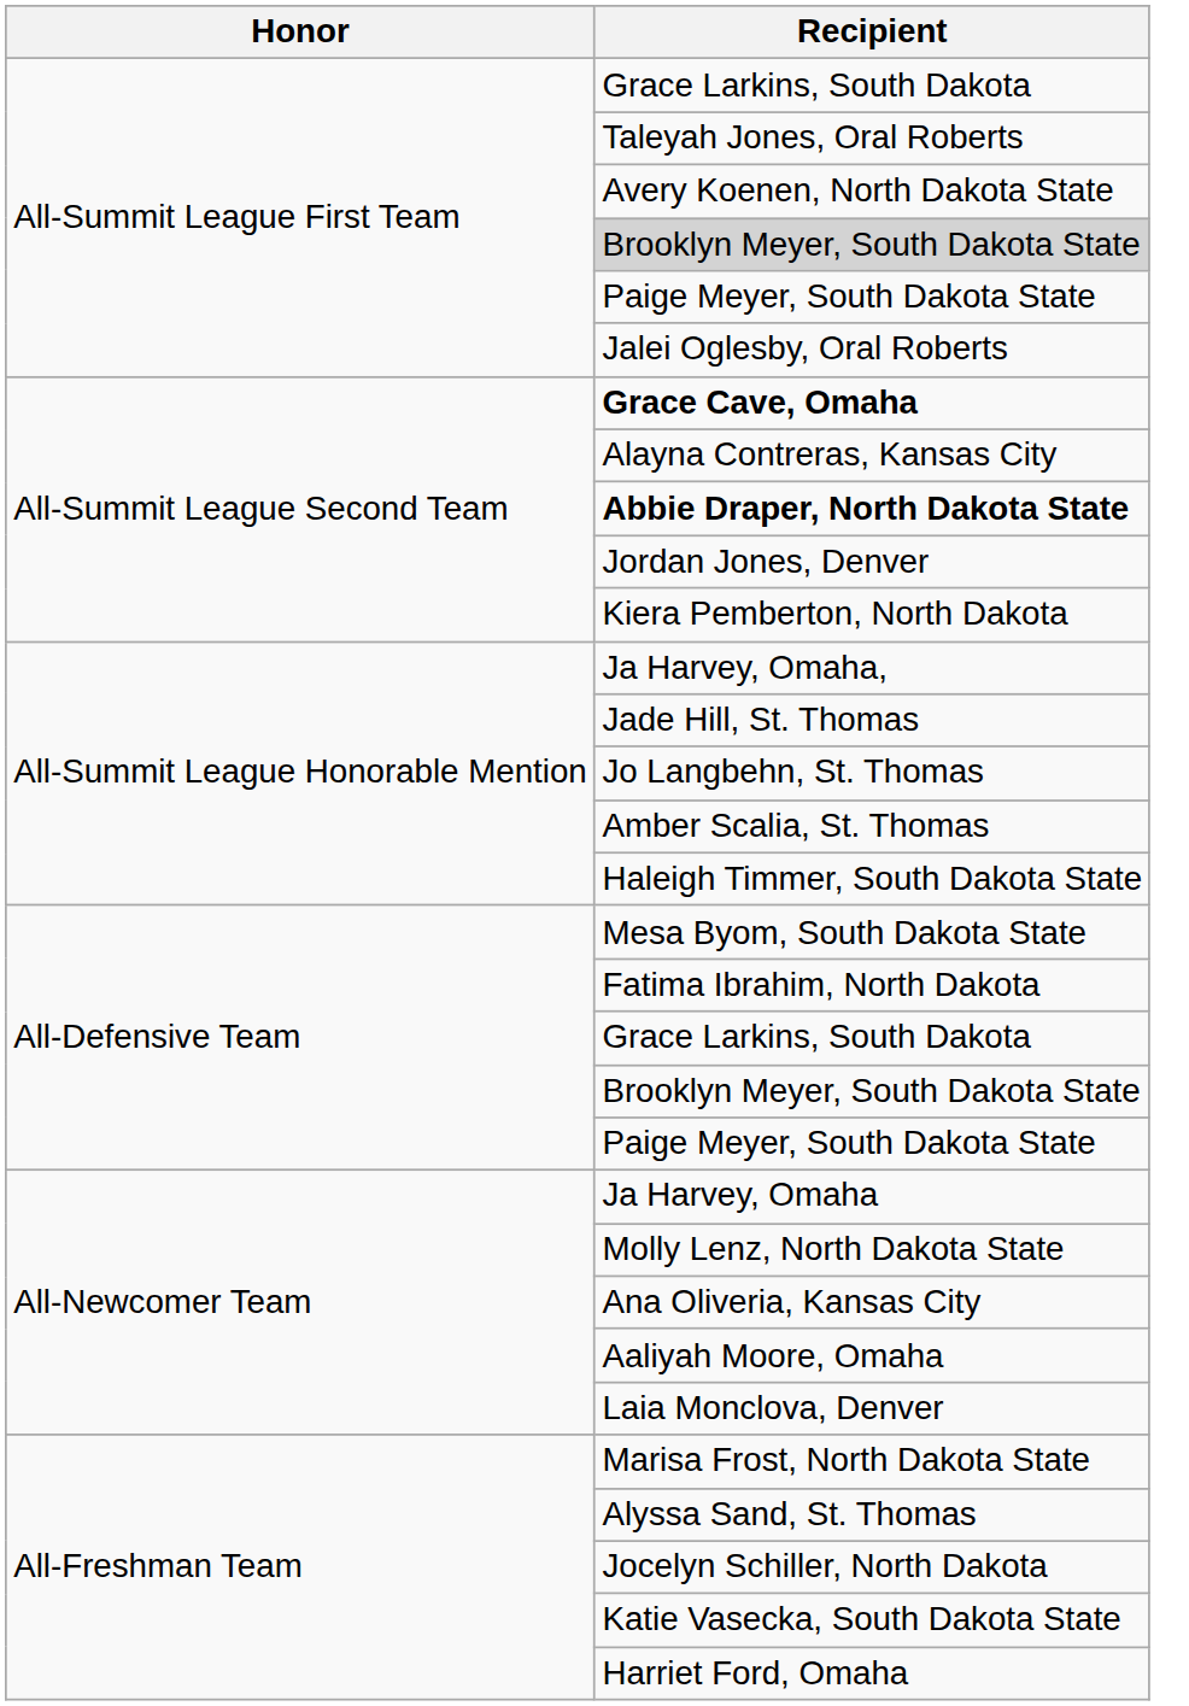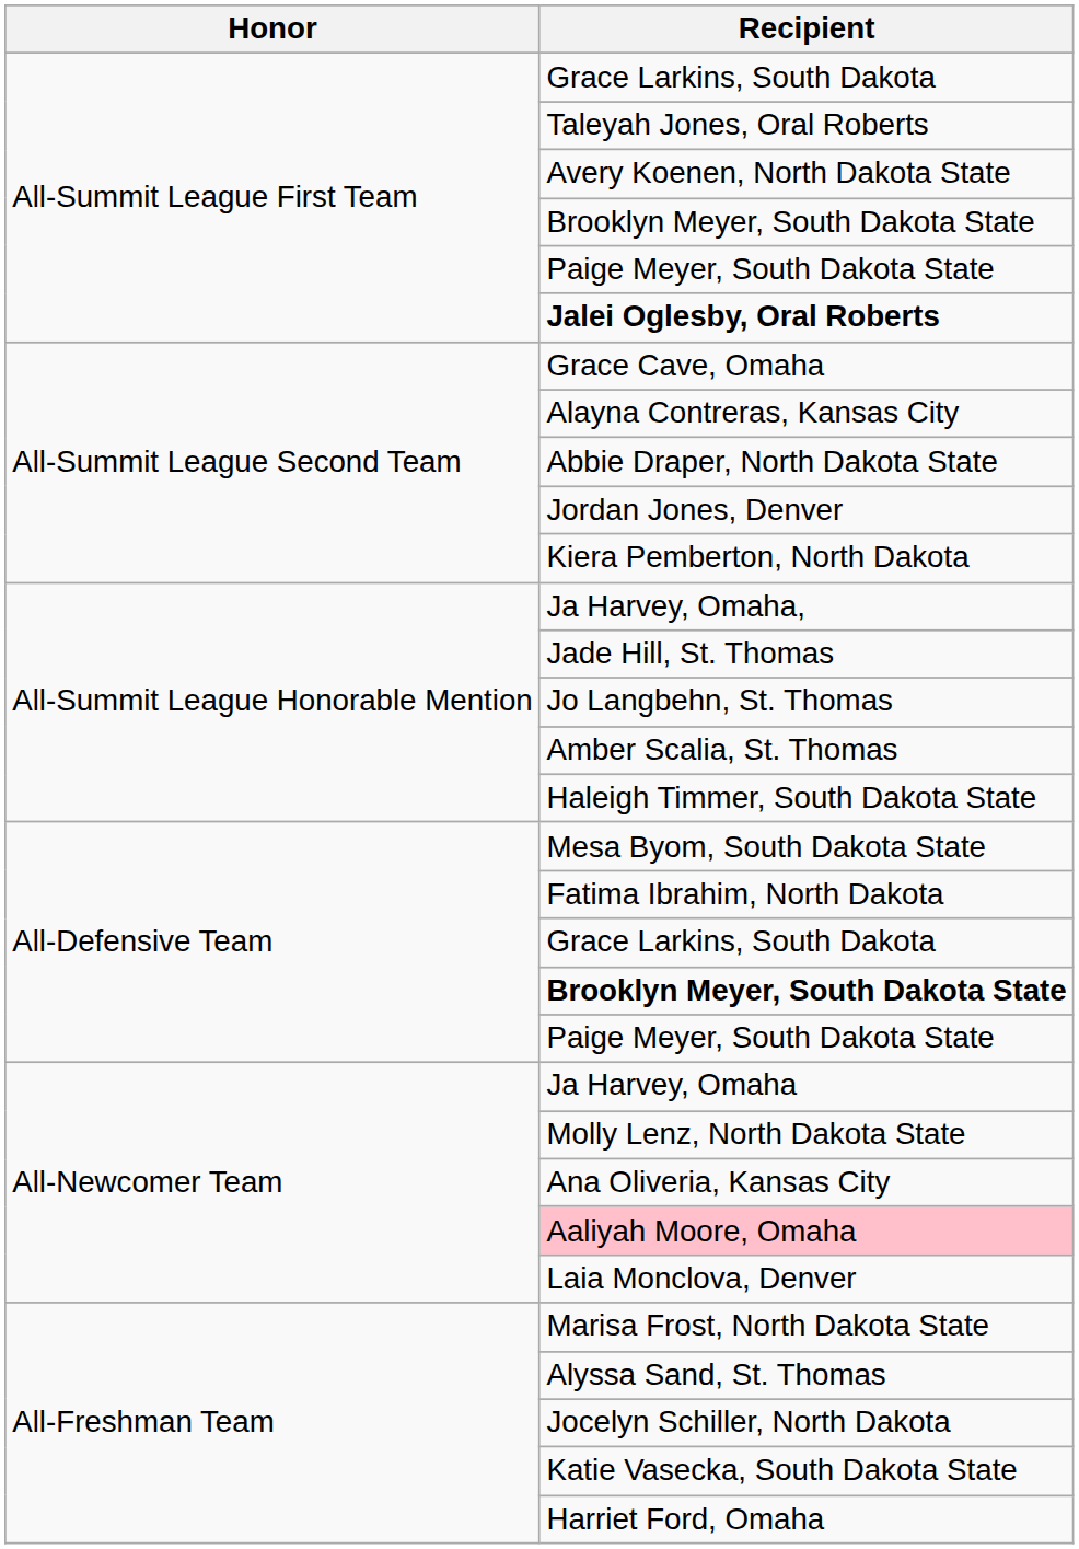 <table class="wikitable" border="1">
 <tr>
 <th>Honor</th>
 <th>Recipient</th>
 </tr>
 <tr>
 <td rowspan="6" valign="middle">All-Summit League First Team</td>
 <td>Grace Larkins, South Dakota</td>
 </tr>
 <tr>
 <td>Taleyah Jones, Oral Roberts</td>
 </tr>
 <tr>
 <td>Avery Koenen, North Dakota State</td>
 </tr>
 <tr>
-<td style="background: lightgrey;">Brooklyn Meyer, South Dakota State</td>
+<td>Brooklyn Meyer, South Dakota State</td>
 </tr>
 <tr>
 <td>Paige Meyer, South Dakota State</td>
 </tr>
 <tr>
-<td>Jalei Oglesby, Oral Roberts</td>
+<td><strong>Jalei Oglesby, Oral Roberts</strong></td>
 </tr>
 <tr>
 <td rowspan="5" valign="middle">All-Summit League Second Team</td>
-<td><strong>Grace Cave, Omaha</strong></td>
+<td>Grace Cave, Omaha</td>
 </tr>
 <tr>
 <td>Alayna Contreras, Kansas City</td>
 </tr>
 <tr>
-<td><strong>Abbie Draper, North Dakota State</strong></td>
+<td>Abbie Draper, North Dakota State</td>
 </tr>
 <tr>
 <td>Jordan Jones, Denver</td>
 </tr>
 <tr>
 <td>Kiera Pemberton, North Dakota</td>
 </tr>
 <tr>
 <td rowspan="5" valign="middle">All-Summit League Honorable Mention</td>
 <td>Ja Harvey, Omaha,</td>
 </tr>
 <tr>
 <td>Jade Hill, St. Thomas</td>
 </tr>
 <tr>
 <td>Jo Langbehn, St. Thomas</td>
 </tr>
 <tr>
 <td>Amber Scalia, St. Thomas</td>
 </tr>
 <tr>
 <td>Haleigh Timmer, South Dakota State</td>
 </tr>
 <tr>
 <td rowspan="5" valign="middle">All-Defensive Team</td>
 <td>Mesa Byom, South Dakota State</td>
 </tr>
 <tr>
 <td>Fatima Ibrahim, North Dakota</td>
 </tr>
 <tr>
 <td>Grace Larkins, South Dakota</td>
 </tr>
 <tr>
-<td>Brooklyn Meyer, South Dakota State</td>
+<td><strong>Brooklyn Meyer, South Dakota State</strong></td>
 </tr>
 <tr>
 <td>Paige Meyer, South Dakota State</td>
 </tr>
 <tr>
 <td rowspan="5" valign="middle">All-Newcomer Team</td>
 <td>Ja Harvey, Omaha</td>
 </tr>
 <tr>
 <td>Molly Lenz, North Dakota State</td>
 </tr>
 <tr>
 <td>Ana Oliveria, Kansas City</td>
 </tr>
 <tr>
-<td>Aaliyah Moore, Omaha</td>
+<td style="background: pink;">Aaliyah Moore, Omaha</td>
 </tr>
 <tr>
 <td>Laia Monclova, Denver</td>
 </tr>
 <tr>
 <td rowspan="5" valign="middle">All-Freshman Team</td>
 <td>Marisa Frost, North Dakota State</td>
 </tr>
 <tr>
 <td>Alyssa Sand, St. Thomas</td>
 </tr>
 <tr>
 <td>Jocelyn Schiller, North Dakota</td>
 </tr>
 <tr>
 <td>Katie Vasecka, South Dakota State</td>
 </tr>
 <tr>
 <td>Harriet Ford, Omaha</td>
 </tr>
 </table>
